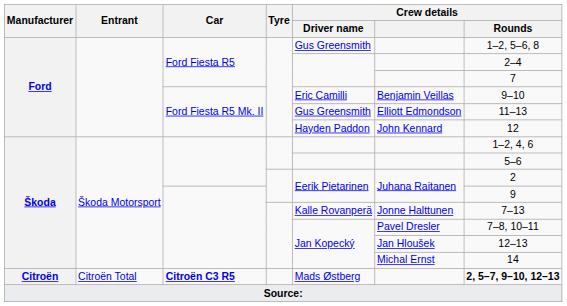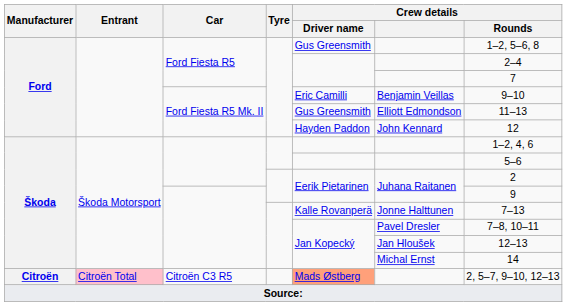 <table class="wikitable" style="font-size: 85%;">
 <tr>
 <th rowspan="2">Manufacturer</th>
 <th rowspan="2">Entrant</th>
 <th rowspan="2">Car</th>
 <th rowspan="2">Tyre</th>
 <th colspan="3">Crew details</th>
 </tr>
 <tr>
 <th>Driver name</th>
 <th></th>
 <th>Rounds</th>
 </tr>
 <tr>
 <th rowspan="6"><a href='#'>Ford</a></th>
 <td rowspan="6"></td>
 <td rowspan="3"><a href='#'>Ford Fiesta R5</a></td>
 <td rowspan="6" align="center"></td>
 <td> <a href='#'>Gus Greensmith</a></td>
 <td></td>
 <td align="center" nowrap>1–2, 5–6, 8</td>
 </tr>
 <tr>
 <td rowspan="2"></td>
 <td></td>
 <td align="center">2–4</td>
 </tr>
 <tr>
 <td></td>
 <td align="center">7</td>
 </tr>
 <tr>
 <td rowspan="3" nowrap><a href='#'>Ford Fiesta R5 Mk. II</a></td>
 <td> <a href='#'>Eric Camilli</a></td>
 <td> <a href='#'>Benjamin Veillas</a></td>
 <td align="center">9–10</td>
 </tr>
 <tr>
 <td> <a href='#'>Gus Greensmith</a></td>
 <td> <a href='#'>Elliott Edmondson</a></td>
 <td align="center">11–13</td>
 </tr>
 <tr>
 <td> <a href='#'>Hayden Paddon</a></td>
 <td> <a href='#'>John Kennard</a></td>
 <td align="center">12</td>
 </tr>
 <tr>
 <th rowspan="8"><a href='#'>Škoda</a></th>
 <td rowspan="8"> <a href='#'>Škoda Motorsport</a></td>
 <td rowspan="3"></td>
 <td rowspan="2" align="center"></td>
 <td></td>
 <td></td>
 <td align="center">1–2, 4, 6</td>
 </tr>
 <tr>
 <td></td>
 <td></td>
 <td align="center">5–6</td>
 </tr>
 <tr>
 <td rowspan="2" align="center"></td>
 <td rowspan="2"> <a href='#'>Eerik Pietarinen</a></td>
 <td rowspan="2"> <a href='#'>Juhana Raitanen</a></td>
 <td align="center">2</td>
 </tr>
 <tr>
 <td rowspan="5"></td>
 <td align="center">9</td>
 </tr>
 <tr>
 <td rowspan="4" align="center"></td>
 <td> <a href='#'>Kalle Rovanperä</a></td>
 <td> <a href='#'>Jonne Halttunen</a></td>
 <td align="center">7–13</td>
 </tr>
 <tr>
 <td rowspan="3"> <a href='#'>Jan Kopecký</a></td>
 <td> <a href='#'>Pavel Dresler</a></td>
 <td align="center">7–8, 10–11</td>
 </tr>
 <tr>
 <td> <a href='#'>Jan Hloušek</a></td>
 <td align="center">12–13</td>
 </tr>
 <tr>
 <td> <a href='#'>Michal Ernst</a></td>
 <td align="center">14</td>
 </tr>
 <tr>
 <th><a href='#'>Citroën</a></th>
-<td> <a href='#'>Citroën Total</a></td>
-<td><strong><a href='#'>Citroën C3 R5</a></strong></td>
+<td style="background: pink;"> <a href='#'>Citroën Total</a></td>
+<td><a href='#'>Citroën C3 R5</a></td>
 <td align="center"></td>
-<td> <a href='#'>Mads Østberg</a></td>
+<td style="background: lightsalmon;"> <a href='#'>Mads Østberg</a></td>
 <td></td>
-<td align="center" nowrap><strong>2, 5–7, 9–10, 12–13</strong></td>
+<td align="center" nowrap>2, 5–7, 9–10, 12–13</td>
 </tr>
 <tr>
 <td style="background-color:#EAECF0; text-align:center" colspan=7><strong>Source:</strong></td>
 </tr>
 </table>
